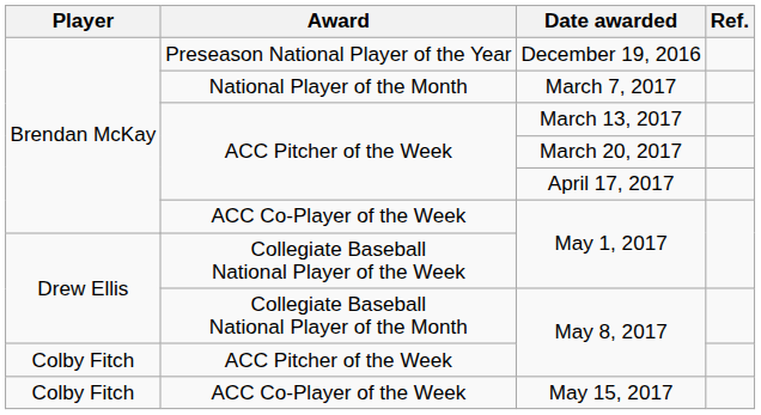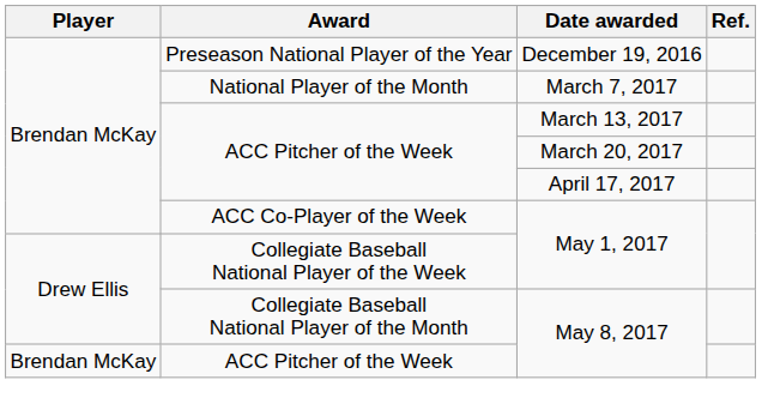 <table class="wikitable sortable sortable" style="text-align: center">
 <tr align=center>
 <th>Player</th>
 <th>Award</th>
 <th>Date awarded</th>
 <th>Ref.</th>
 </tr>
 <tr>
 <td rowspan="7">Brendan McKay</td>
 <td rowspan="1">Preseason National Player of the Year</td>
 <td rowspan="1">December 19, 2016</td>
 <td rowspan="1"></td>
 </tr>
 <tr>
 <td rowspan="1">National Player of the Month</td>
 <td rowspan="1">March 7, 2017</td>
 <td rowspan="1"></td>
 </tr>
 <tr>
 <td rowspan="3">ACC Pitcher of the Week</td>
 <td rowspan="1">March 13, 2017</td>
 <td rowspan="1"></td>
 </tr>
 <tr>
 <td rowspan="1">March 20, 2017</td>
 <td rowspan="1"></td>
 </tr>
 <tr>
 <td rowspan="1">April 17, 2017</td>
 <td rowspan="1"></td>
 </tr>
 <tr>
 <td rowspan="1">ACC Co-Player of the Week</td>
 <td rowspan="3">May 1, 2017</td>
 <td rowspan="3"></td>
 </tr>
 <tr>
 <td rowspan="2">Collegiate Baseball<br>National Player of the Week</td>
 </tr>
 <tr>
 <td rowspan="2">Drew Ellis</td>
 </tr>
 <tr>
 <td rowspan="1">Collegiate Baseball<br>National Player of the Month</td>
 <td rowspan="2">May 8, 2017</td>
 <td rowspan="1"></td>
 </tr>
 <tr>
-<td rowspan="1">Colby Fitch</td>
+<td rowspan="1">Brendan McKay</td>
 <td rowspan="1">ACC Pitcher of the Week</td>
 <td rowspan="1"></td>
 </tr>
-<tr>
-<td rowspan="1">Colby Fitch</td>
-<td rowspan="1">ACC Co-Player of the Week</td>
-<td rowspan="1">May 15, 2017</td>
-<td rowspan="1"></td>
-</tr>
 </table>
